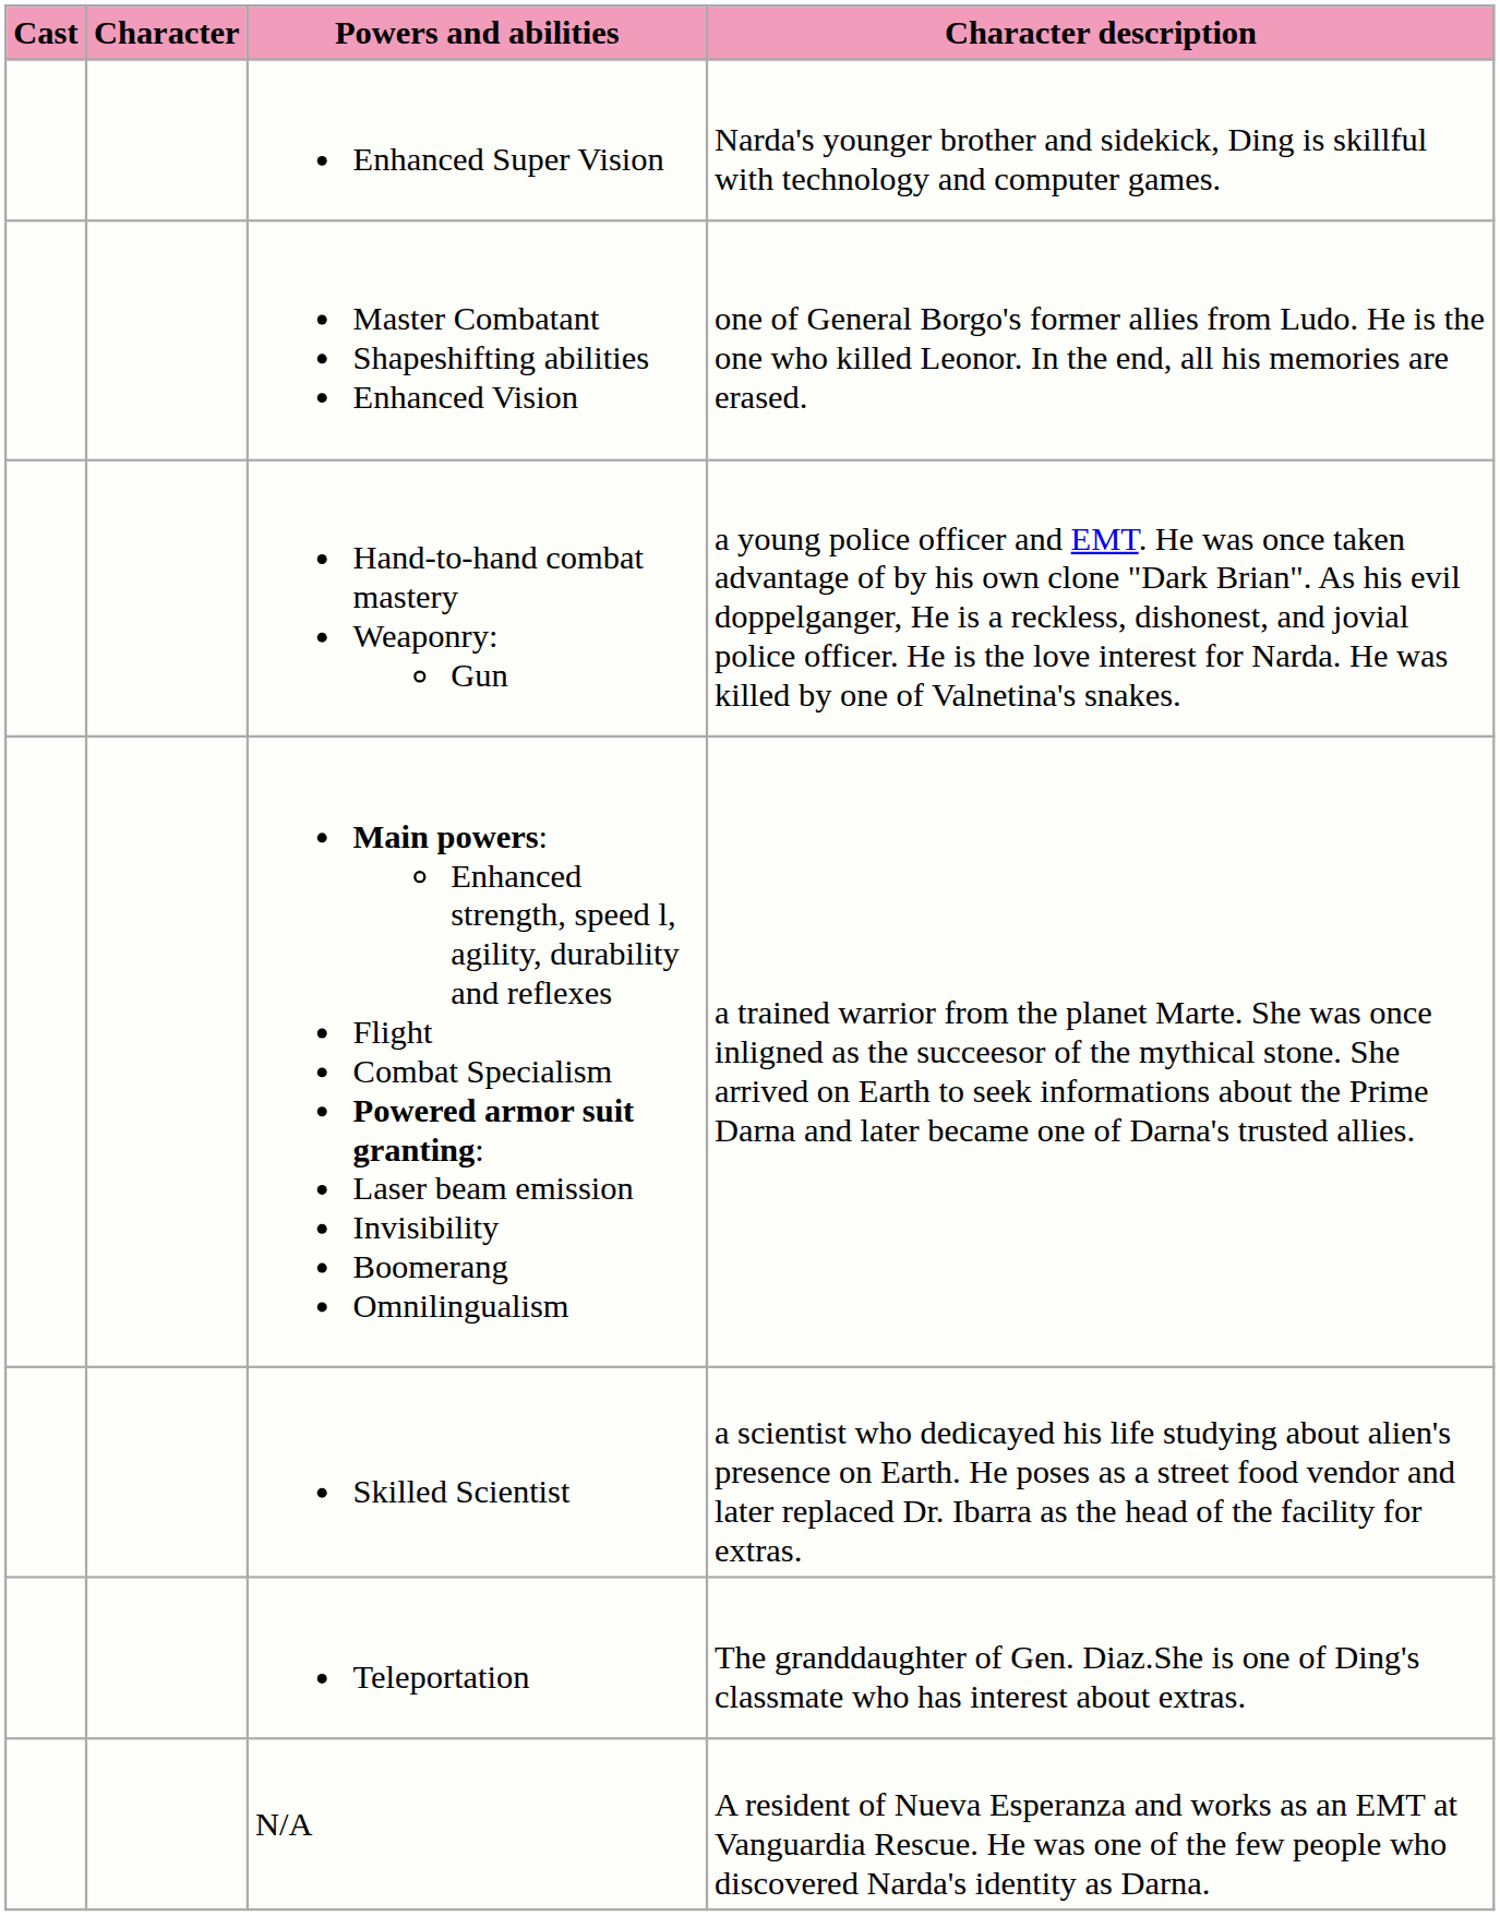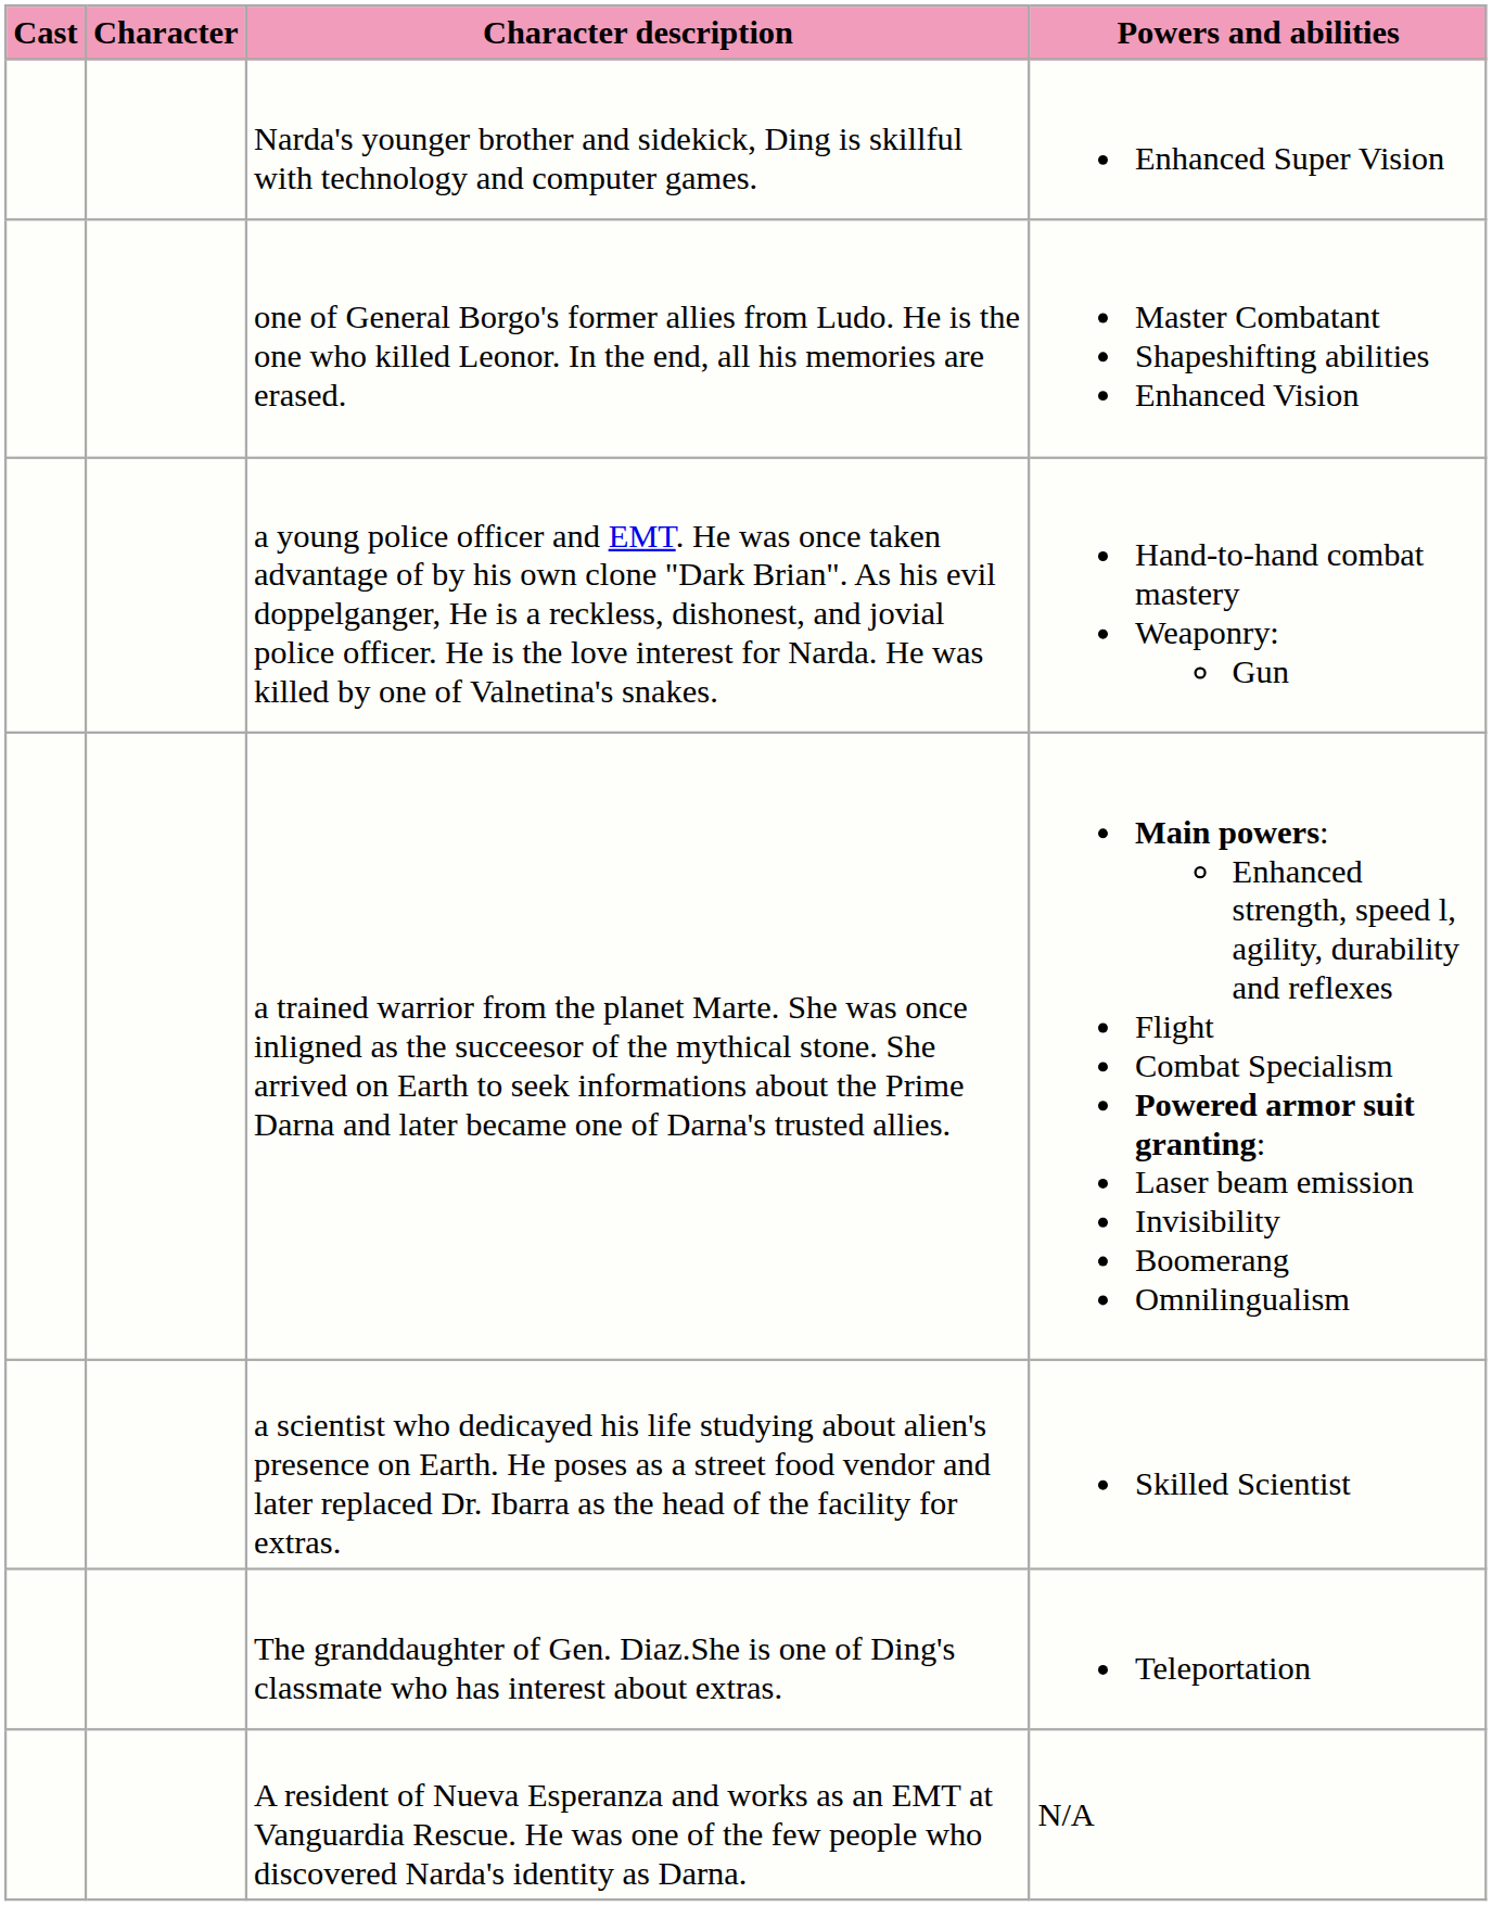 <table class="wikitable" style=" background:#FEFEFA; font-size: 85%;">
 <tr>
 <th style="background:#F19CBB;">Cast</th>
 <th style="background:#F19CBB; ">Character</th>
+<th style="background:#F19CBB;">Character description</th>
 <th style="background:#F19CBB;">Powers and abilities</th>
-<th style="background:#F19CBB;">Character description</th>
 </tr>
 <tr>
 <td> </td>
 <td></td>
+<td><br>Narda's younger brother and sidekick, Ding is skillful with technology and computer games.</td>
 <td><br><ul><li>Enhanced Super Vision</li></ul></td>
-<td><br>Narda's younger brother and sidekick, Ding is skillful with technology and computer games.</td>
 </tr>
 <tr>
 <td></td>
 <td></td>
+<td><br>one of General Borgo's former allies from Ludo. He is the one who killed Leonor. In the end, all his memories are erased.</td>
 <td><br><ul><li>Master Combatant</li><li>Shapeshifting abilities</li><li>Enhanced Vision</li></ul></td>
-<td><br>one of General Borgo's former allies from Ludo. He is the one who killed Leonor. In the end, all his memories are erased.</td>
 </tr>
 <tr>
 <td></td>
 <td></td>
+<td><br>a young police officer and <a href='#'>EMT</a>. He was once taken advantage of by his own clone "Dark Brian". As his evil doppelganger, He is a reckless, dishonest, and jovial police officer. He is the love interest for Narda. He was killed by one of Valnetina's snakes.</td>
 <td><br><ul><li>Hand-to-hand combat mastery</li><li>Weaponry:<ul><li>Gun</li></ul></li></ul></td>
-<td><br>a young police officer and <a href='#'>EMT</a>. He was once taken advantage of by his own clone "Dark Brian". As his evil doppelganger, He is a reckless, dishonest, and jovial police officer. He is the love interest for Narda. He was killed by one of Valnetina's snakes.</td>
 </tr>
 <tr>
 <td></td>
 <td></td>
+<td><br>a trained warrior from the planet Marte. She was once inligned as the succeesor of the mythical stone. She arrived on Earth to seek informations about the Prime Darna and later became one of Darna's trusted allies.</td>
 <td><br><ul><li><strong>Main powers</strong>:<ul><li>Enhanced strength, speed l, agility, durability and reflexes</li></ul></li><li>Flight</li><li>Combat Specialism</li><li><strong>Powered armor suit granting</strong>:</li><li>Laser beam emission</li><li>Invisibility</li><li>Boomerang</li><li>Omnilingualism</li></ul></td>
-<td><br>a trained warrior from the planet Marte. She was once inligned as the succeesor of the mythical stone. She arrived on Earth to seek informations about the Prime Darna and later became one of Darna's trusted allies.</td>
 </tr>
 <tr>
 <td></td>
 <td></td>
+<td><br>a scientist who dedicayed his life studying about alien's presence on Earth. He poses as a street food vendor and later replaced Dr. Ibarra as the head of the facility for extras.</td>
 <td><br><ul><li>Skilled Scientist</li></ul></td>
-<td><br>a scientist who dedicayed his life studying about alien's presence on Earth. He poses as a street food vendor and later replaced Dr. Ibarra as the head of the facility for extras.</td>
 </tr>
 <tr>
 <td></td>
 <td></td>
+<td><br>The granddaughter of Gen. Diaz.She is one of Ding's classmate who has interest about extras.</td>
 <td><br><ul><li>Teleportation</li></ul></td>
-<td><br>The granddaughter of Gen. Diaz.She is one of Ding's classmate who has interest about extras.</td>
 </tr>
 <tr>
 <td></td>
 <td></td>
+<td><br>A resident of Nueva Esperanza and works as an EMT at Vanguardia Rescue. He was one of the few people who discovered Narda's identity as Darna.</td>
 <td>N/A</td>
-<td><br>A resident of Nueva Esperanza and works as an EMT at Vanguardia Rescue. He was one of the few people who discovered Narda's identity as Darna.</td>
 </tr>
 </table>
